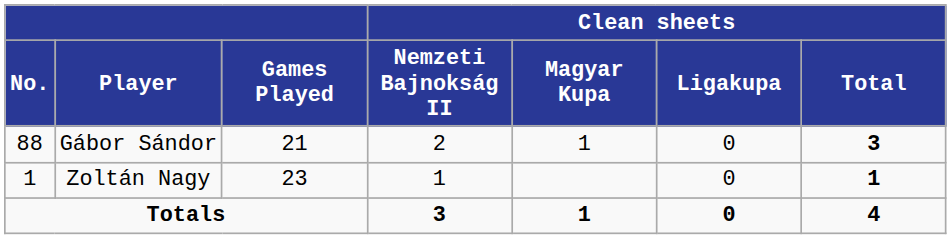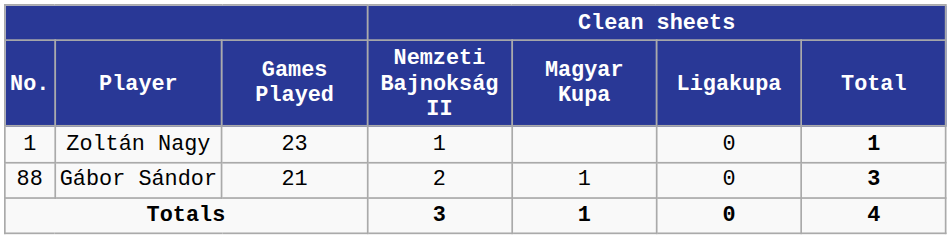 <table class="wikitable sortable alternance" style="text-align:center">
 <tr>
 <th colspan="3" style="background:#293896"></th>
 <th colspan="4" style="background:#293896; color:#FFFFFF">Clean sheets</th>
 </tr>
 <tr>
 <th style="background-color:#293896; color:#FFFFFF">No.</th>
 <th style="background-color:#293896; color:#FFFFFF">Player</th>
 <th width=80 style="background-color:#293896; color:#FFFFFF">Games Played</th>
 <th width=80 style="background-color:#293896; color:#FFFFFF">Nemzeti Bajnokság II</th>
 <th width=80 style="background-color:#293896; color:#FFFFFF">Magyar Kupa</th>
 <th width=80 style="background-color:#293896; color:#FFFFFF">Ligakupa</th>
 <th width=80 style="background-color:#293896; color:#FFFFFF">Total</th>
 </tr>
 <tr>
+<td>1</td>
+<td> Zoltán Nagy</td>
+<td>23</td>
+<td>1</td>
+<td></td>
+<td>0</td>
+<td><strong>1</strong></td>
+</tr>
+<tr>
 <td>88</td>
 <td> Gábor Sándor</td>
 <td>21</td>
 <td>2</td>
 <td>1</td>
 <td>0</td>
 <td><strong>3</strong></td>
-</tr>
-<tr>
-<td>1</td>
-<td> Zoltán Nagy</td>
-<td>23</td>
-<td>1</td>
-<td></td>
-<td>0</td>
-<td><strong>1</strong></td>
 </tr>
 <tr class="sortbottom">
 <td colspan="3"><strong>Totals</strong></td>
 <td><strong>3</strong></td>
 <td><strong>1</strong></td>
 <td><strong>0</strong></td>
 <td><strong>4</strong></td>
 </tr>
 </table>
